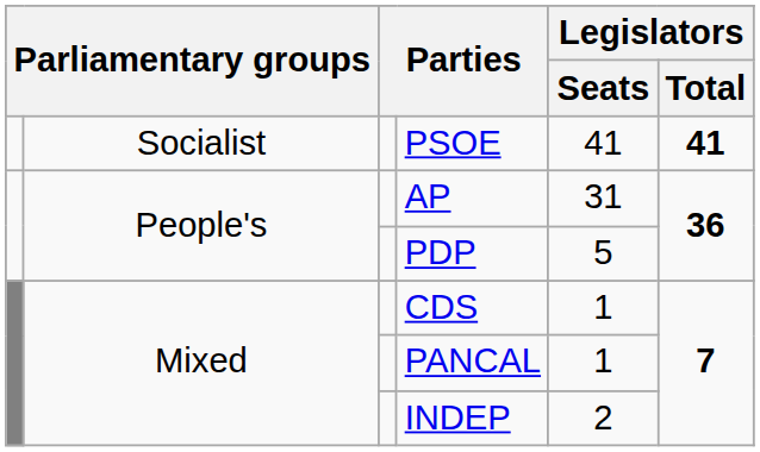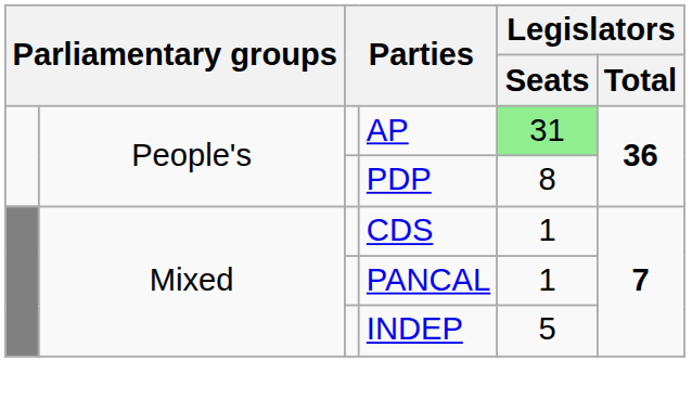 <table class="wikitable" style="text-align:center;">
 <tr>
 <th rowspan="2" colspan="2">Parliamentary groups</th>
 <th rowspan="2" colspan="2">Parties</th>
 <th colspan="2">Legislators</th>
 </tr>
 <tr>
 <th>Seats</th>
 <th>Total</th>
 </tr>
 <tr>
-<td width="1" style="color:inherit;background:"></td>
-<td>Socialist</td>
-<td width="1" style="color:inherit;background:"></td>
-<td align="left"><a href='#'>PSOE</a></td>
-<td>41</td>
-<td><strong>41</strong></td>
-</tr>
-<tr>
 <td rowspan="2" style="color:inherit;background:"></td>
 <td rowspan="2">People's</td>
 <td style="color:inherit;background:"></td>
 <td align="left"><a href='#'>AP</a></td>
-<td>31</td>
+<td style="background: lightgreen;">31</td>
 <td rowspan="2"><strong>36</strong></td>
 </tr>
 <tr>
 <td style="color:inherit;background:"></td>
 <td align="left"><a href='#'>PDP</a></td>
-<td>5</td>
+<td>8</td>
 </tr>
 <tr>
 <td rowspan="3" bgcolor="gray"></td>
 <td rowspan="3">Mixed</td>
 <td style="color:inherit;background:"></td>
 <td align="left"><a href='#'>CDS</a></td>
 <td>1</td>
 <td rowspan="3"><strong>7</strong></td>
 </tr>
 <tr>
 <td style="color:inherit;background:"></td>
 <td align="left"><a href='#'>PANCAL</a></td>
 <td>1</td>
 </tr>
 <tr>
 <td style="color:inherit;background:"></td>
 <td align="left"><a href='#'>INDEP</a></td>
-<td>2</td>
+<td>5</td>
 </tr>
 </table>
